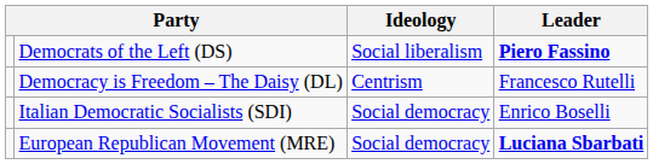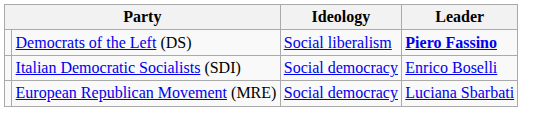 <table class=wikitable style=text-align:left>
 <tr>
 <th colspan=2>Party</th>
 <th>Ideology</th>
 <th>Leader</th>
 </tr>
 <tr>
 <td></td>
 <td><a href='#'>Democrats of the Left</a> (DS)</td>
 <td><a href='#'>Social liberalism</a></td>
 <td><strong><a href='#'>Piero Fassino</a></strong></td>
 </tr>
 <tr>
 <td></td>
-<td><a href='#'>Democracy is Freedom – The Daisy</a> (DL)</td>
-<td><a href='#'>Centrism</a></td>
-<td><a href='#'>Francesco Rutelli</a></td>
-</tr>
-<tr>
-<td></td>
 <td><a href='#'>Italian Democratic Socialists</a> (SDI)</td>
 <td><a href='#'>Social democracy</a></td>
 <td><a href='#'>Enrico Boselli</a></td>
 </tr>
 <tr>
 <td></td>
 <td><a href='#'>European Republican Movement</a> (MRE)</td>
 <td><a href='#'>Social democracy</a></td>
-<td><strong><a href='#'>Luciana Sbarbati</a></strong></td>
+<td><a href='#'>Luciana Sbarbati</a></td>
 </tr>
 </table>
